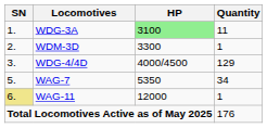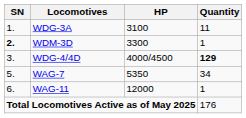 <table class="wikitable">
 <tr>
 <th>SN</th>
 <th>Locomotives</th>
 <th>HP</th>
 <th>Quantity</th>
 </tr>
 <tr>
 <td>1.</td>
 <td><a href='#'>WDG-3A</a></td>
-<td style="background: lightgreen;">3100</td>
+<td>3100</td>
 <td>11</td>
 </tr>
 <tr>
-<td>2.</td>
+<td><strong>2.</strong></td>
 <td><a href='#'>WDM-3D</a></td>
 <td>3300</td>
 <td>1</td>
 </tr>
 <tr>
 <td>3.</td>
 <td><a href='#'>WDG-4/4D</a></td>
 <td>4000/4500</td>
-<td>129</td>
+<td><strong>129</strong></td>
 </tr>
 <tr>
 <td>5.</td>
 <td><a href='#'>WAG-7</a></td>
 <td>5350</td>
 <td>34</td>
 </tr>
 <tr>
-<td style="background: khaki;">6.</td>
+<td>6.</td>
 <td><a href='#'>WAG-11</a></td>
 <td>12000</td>
 <td>1</td>
 </tr>
 <tr>
 <td colspan="3"><strong>Total Locomotives Active as of May 2025</strong></td>
 <td>176</td>
 </tr>
 </table>
